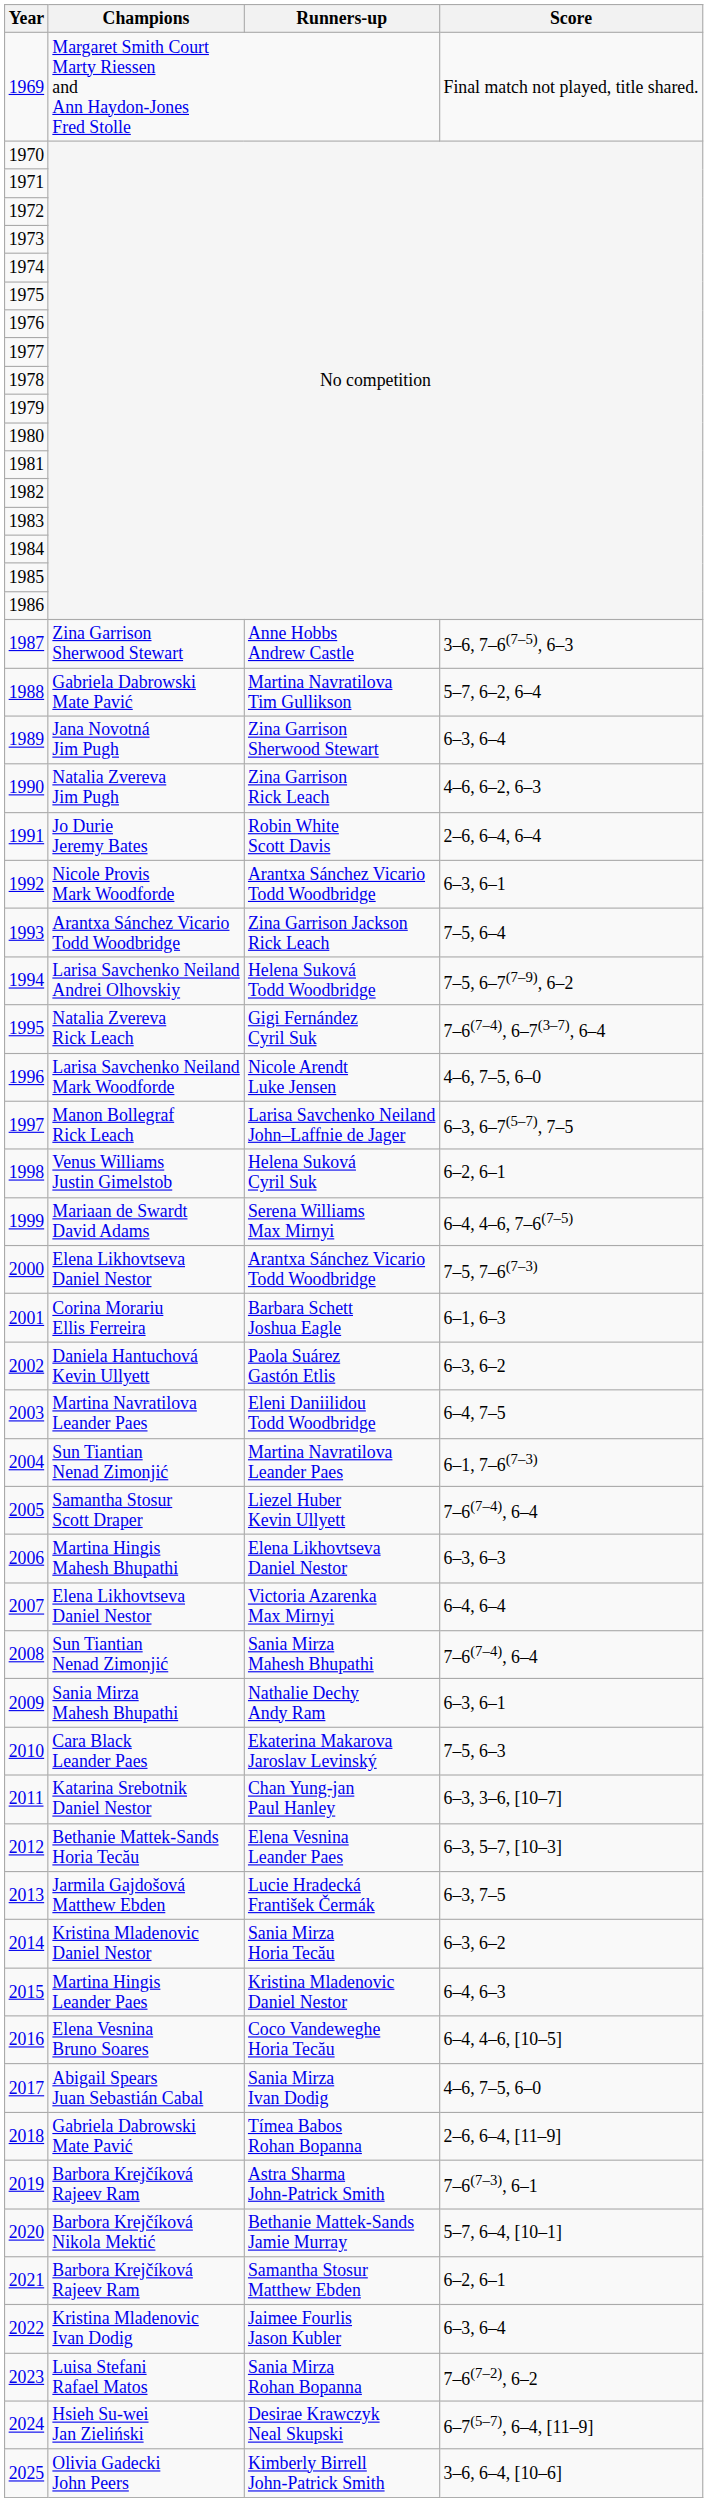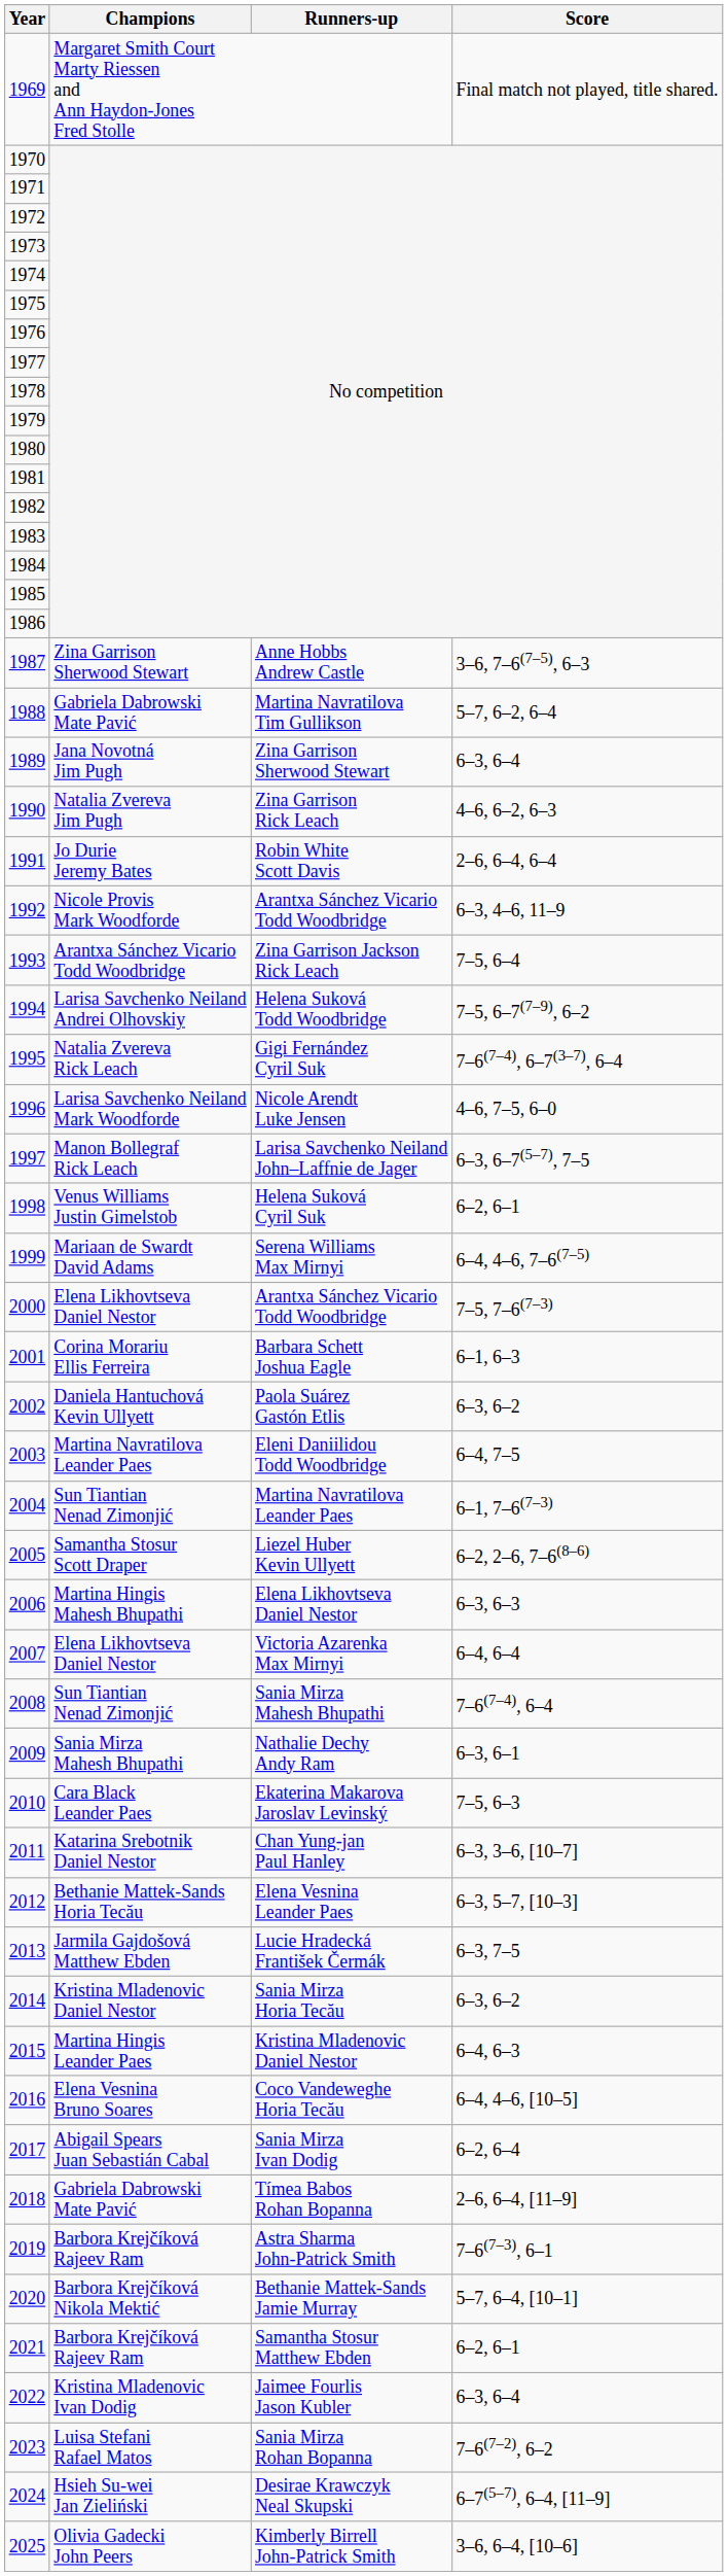 <table class="wikitable sortable">
 <tr>
 <th>Year</th>
 <th>Champions</th>
 <th>Runners-up</th>
 <th class=unsortable>Score</th>
 </tr>
 <tr>
 <td><a href='#'>1969</a></td>
 <td colspan="2"> <a href='#'>Margaret Smith Court</a> <br>  <a href='#'>Marty Riessen</a> <br>and<br>  <a href='#'>Ann Haydon-Jones</a> <br>  <a href='#'>Fred Stolle</a></td>
 <td align = "center">Final match not played, title shared.</td>
 </tr>
 <tr>
 <td>1970</td>
 <td rowspan="17" colspan="3" align="center" bgcolor="F5F5F5">No competition</td>
 </tr>
 <tr>
 <td>1971</td>
 </tr>
 <tr>
 <td>1972</td>
 </tr>
 <tr>
 <td>1973</td>
 </tr>
 <tr>
 <td>1974</td>
 </tr>
 <tr>
 <td>1975</td>
 </tr>
 <tr>
 <td>1976</td>
 </tr>
 <tr>
 <td>1977</td>
 </tr>
 <tr>
 <td>1978</td>
 </tr>
 <tr>
 <td>1979</td>
 </tr>
 <tr>
 <td>1980</td>
 </tr>
 <tr>
 <td>1981</td>
 </tr>
 <tr>
 <td>1982</td>
 </tr>
 <tr>
 <td>1983</td>
 </tr>
 <tr>
 <td>1984</td>
 </tr>
 <tr>
 <td>1985</td>
 </tr>
 <tr>
 <td>1986</td>
 </tr>
 <tr>
 <td><a href='#'>1987</a></td>
 <td> <a href='#'>Zina Garrison</a> <br>  <a href='#'>Sherwood Stewart</a></td>
 <td> <a href='#'>Anne Hobbs</a> <br>  <a href='#'>Andrew Castle</a></td>
 <td>3–6, 7–6<sup>(7–5)</sup>, 6–3</td>
 </tr>
 <tr>
 <td><a href='#'>1988</a></td>
 <td> <a href='#'>Gabriela Dabrowski</a> <br>  <a href='#'>Mate Pavić</a></td>
 <td> <a href='#'>Martina Navratilova</a> <br>  <a href='#'>Tim Gullikson</a></td>
 <td>5–7, 6–2, 6–4</td>
 </tr>
 <tr>
 <td><a href='#'>1989</a></td>
 <td> <a href='#'>Jana Novotná</a> <br>  <a href='#'>Jim Pugh</a></td>
 <td> <a href='#'>Zina Garrison</a> <br>  <a href='#'>Sherwood Stewart</a></td>
 <td>6–3, 6–4</td>
 </tr>
 <tr>
 <td><a href='#'>1990</a></td>
 <td> <a href='#'>Natalia Zvereva</a> <br>  <a href='#'>Jim Pugh</a></td>
 <td> <a href='#'>Zina Garrison</a> <br>  <a href='#'>Rick Leach</a></td>
 <td>4–6, 6–2, 6–3</td>
 </tr>
 <tr>
 <td><a href='#'>1991</a></td>
 <td> <a href='#'>Jo Durie</a> <br>  <a href='#'>Jeremy Bates</a></td>
 <td> <a href='#'>Robin White</a> <br>  <a href='#'>Scott Davis</a></td>
 <td>2–6, 6–4, 6–4</td>
 </tr>
 <tr>
 <td><a href='#'>1992</a></td>
 <td> <a href='#'>Nicole Provis</a> <br>  <a href='#'>Mark Woodforde</a></td>
 <td> <a href='#'>Arantxa Sánchez Vicario</a> <br>  <a href='#'>Todd Woodbridge</a></td>
-<td>6–3, 6–1</td>
+<td>6–3, 4–6, 11–9</td>
 </tr>
 <tr>
 <td><a href='#'>1993</a></td>
 <td> <a href='#'>Arantxa Sánchez Vicario</a> <br>  <a href='#'>Todd Woodbridge</a></td>
 <td> <a href='#'>Zina Garrison Jackson</a> <br>  <a href='#'>Rick Leach</a></td>
 <td>7–5, 6–4</td>
 </tr>
 <tr>
 <td><a href='#'>1994</a></td>
 <td> <a href='#'>Larisa Savchenko Neiland</a> <br>  <a href='#'>Andrei Olhovskiy</a></td>
 <td> <a href='#'>Helena Suková</a> <br>  <a href='#'>Todd Woodbridge</a></td>
 <td>7–5, 6–7<sup>(7–9)</sup>, 6–2</td>
 </tr>
 <tr>
 <td><a href='#'>1995</a></td>
 <td> <a href='#'>Natalia Zvereva</a> <br>  <a href='#'>Rick Leach</a></td>
 <td> <a href='#'>Gigi Fernández</a> <br>  <a href='#'>Cyril Suk</a></td>
 <td>7–6<sup>(7–4)</sup>, 6–7<sup>(3–7)</sup>, 6–4</td>
 </tr>
 <tr>
 <td><a href='#'>1996</a></td>
 <td> <a href='#'>Larisa Savchenko Neiland</a> <br>  <a href='#'>Mark Woodforde</a></td>
 <td> <a href='#'>Nicole Arendt</a> <br>  <a href='#'>Luke Jensen</a></td>
 <td>4–6, 7–5, 6–0</td>
 </tr>
 <tr>
 <td><a href='#'>1997</a></td>
 <td> <a href='#'>Manon Bollegraf</a> <br>  <a href='#'>Rick Leach</a></td>
 <td> <a href='#'>Larisa Savchenko Neiland</a> <br>  <a href='#'>John–Laffnie de Jager</a></td>
 <td>6–3, 6–7<sup>(5–7)</sup>, 7–5</td>
 </tr>
 <tr>
 <td><a href='#'>1998</a></td>
 <td> <a href='#'>Venus Williams</a> <br>  <a href='#'>Justin Gimelstob</a></td>
 <td> <a href='#'>Helena Suková</a> <br>  <a href='#'>Cyril Suk</a></td>
 <td>6–2, 6–1</td>
 </tr>
 <tr>
 <td><a href='#'>1999</a></td>
 <td> <a href='#'>Mariaan de Swardt</a> <br>  <a href='#'>David Adams</a></td>
 <td> <a href='#'>Serena Williams</a> <br>  <a href='#'>Max Mirnyi</a></td>
 <td>6–4, 4–6, 7–6<sup>(7–5)</sup></td>
 </tr>
 <tr>
 <td><a href='#'>2000</a></td>
 <td> <a href='#'>Elena Likhovtseva</a> <br>  <a href='#'>Daniel Nestor</a></td>
 <td> <a href='#'>Arantxa Sánchez Vicario</a> <br>  <a href='#'>Todd Woodbridge</a></td>
 <td>7–5, 7–6<sup>(7–3)</sup></td>
 </tr>
 <tr>
 <td><a href='#'>2001</a></td>
 <td> <a href='#'>Corina Morariu</a> <br>  <a href='#'>Ellis Ferreira</a></td>
 <td> <a href='#'>Barbara Schett</a> <br>  <a href='#'>Joshua Eagle</a></td>
 <td>6–1, 6–3</td>
 </tr>
 <tr>
 <td><a href='#'>2002</a></td>
 <td> <a href='#'>Daniela Hantuchová</a> <br>  <a href='#'>Kevin Ullyett</a></td>
 <td> <a href='#'>Paola Suárez</a> <br>  <a href='#'>Gastón Etlis</a></td>
 <td>6–3, 6–2</td>
 </tr>
 <tr>
 <td><a href='#'>2003</a></td>
 <td> <a href='#'>Martina Navratilova</a> <br>  <a href='#'>Leander Paes</a></td>
 <td> <a href='#'>Eleni Daniilidou</a> <br>  <a href='#'>Todd Woodbridge</a></td>
 <td>6–4, 7–5</td>
 </tr>
 <tr>
 <td><a href='#'>2004</a></td>
 <td> <a href='#'>Sun Tiantian</a> <br>  <a href='#'>Nenad Zimonjić</a></td>
 <td> <a href='#'>Martina Navratilova</a> <br>  <a href='#'>Leander Paes</a></td>
 <td>6–1, 7–6<sup>(7–3)</sup></td>
 </tr>
 <tr>
 <td><a href='#'>2005</a></td>
 <td> <a href='#'>Samantha Stosur</a> <br>  <a href='#'>Scott Draper</a></td>
 <td> <a href='#'>Liezel Huber</a> <br>  <a href='#'>Kevin Ullyett</a></td>
-<td>7–6<sup>(7–4)</sup>, 6–4</td>
+<td>6–2, 2–6, 7–6<sup>(8–6)</sup></td>
 </tr>
 <tr>
 <td><a href='#'>2006</a></td>
 <td> <a href='#'>Martina Hingis</a> <br>  <a href='#'>Mahesh Bhupathi</a></td>
 <td> <a href='#'>Elena Likhovtseva</a> <br>  <a href='#'>Daniel Nestor</a></td>
 <td>6–3, 6–3</td>
 </tr>
 <tr>
 <td><a href='#'>2007</a></td>
 <td> <a href='#'>Elena Likhovtseva</a> <br>  <a href='#'>Daniel Nestor</a></td>
 <td> <a href='#'>Victoria Azarenka</a> <br>  <a href='#'>Max Mirnyi</a></td>
 <td>6–4, 6–4</td>
 </tr>
 <tr>
 <td><a href='#'>2008</a></td>
 <td> <a href='#'>Sun Tiantian</a> <br>  <a href='#'>Nenad Zimonjić</a></td>
 <td> <a href='#'>Sania Mirza</a> <br>  <a href='#'>Mahesh Bhupathi</a></td>
 <td>7–6<sup>(7–4)</sup>, 6–4</td>
 </tr>
 <tr>
 <td><a href='#'>2009</a></td>
 <td> <a href='#'>Sania Mirza</a> <br>  <a href='#'>Mahesh Bhupathi</a></td>
 <td> <a href='#'>Nathalie Dechy</a> <br>  <a href='#'>Andy Ram</a></td>
 <td>6–3, 6–1</td>
 </tr>
 <tr>
 <td><a href='#'>2010</a></td>
 <td> <a href='#'>Cara Black</a> <br> <a href='#'>Leander Paes</a></td>
 <td> <a href='#'>Ekaterina Makarova</a> <br> <a href='#'>Jaroslav Levinský</a></td>
 <td>7–5, 6–3</td>
 </tr>
 <tr>
 <td><a href='#'>2011</a></td>
 <td> <a href='#'>Katarina Srebotnik</a> <br>  <a href='#'>Daniel Nestor</a></td>
 <td> <a href='#'>Chan Yung-jan</a> <br>  <a href='#'>Paul Hanley</a></td>
 <td>6–3, 3–6, [10–7]</td>
 </tr>
 <tr>
 <td><a href='#'>2012</a></td>
 <td> <a href='#'>Bethanie Mattek-Sands</a> <br>  <a href='#'>Horia Tecău</a></td>
 <td> <a href='#'>Elena Vesnina</a>  <br>  <a href='#'>Leander Paes</a></td>
 <td>6–3, 5–7, [10–3]</td>
 </tr>
 <tr>
 <td><a href='#'>2013</a></td>
 <td> <a href='#'>Jarmila Gajdošová</a> <br>  <a href='#'>Matthew Ebden</a></td>
 <td> <a href='#'>Lucie Hradecká</a><br> <a href='#'>František Čermák</a></td>
 <td>6–3, 7–5</td>
 </tr>
 <tr>
 <td><a href='#'>2014</a></td>
 <td> <a href='#'>Kristina Mladenovic</a> <br>  <a href='#'>Daniel Nestor</a></td>
 <td> <a href='#'>Sania Mirza</a> <br>  <a href='#'>Horia Tecău</a></td>
 <td>6–3, 6–2</td>
 </tr>
 <tr>
 <td><a href='#'>2015</a></td>
 <td> <a href='#'>Martina Hingis</a> <br>  <a href='#'>Leander Paes</a></td>
 <td> <a href='#'>Kristina Mladenovic</a> <br>  <a href='#'>Daniel Nestor</a></td>
 <td>6–4, 6–3</td>
 </tr>
 <tr>
 <td><a href='#'>2016</a></td>
 <td> <a href='#'>Elena Vesnina</a> <br>  <a href='#'>Bruno Soares</a></td>
 <td> <a href='#'>Coco Vandeweghe</a> <br>  <a href='#'>Horia Tecău</a></td>
 <td>6–4, 4–6, [10–5]</td>
 </tr>
 <tr>
 <td><a href='#'>2017</a></td>
 <td> <a href='#'>Abigail Spears</a> <br>  <a href='#'>Juan Sebastián Cabal</a></td>
 <td> <a href='#'>Sania Mirza</a> <br>  <a href='#'>Ivan Dodig</a></td>
-<td>4–6, 7–5, 6–0</td>
+<td>6–2, 6–4</td>
 </tr>
 <tr>
 <td><a href='#'>2018</a></td>
 <td> <a href='#'>Gabriela Dabrowski</a> <br>  <a href='#'>Mate Pavić</a></td>
 <td> <a href='#'>Tímea Babos</a> <br>  <a href='#'>Rohan Bopanna</a></td>
 <td>2–6, 6–4, [11–9]</td>
 </tr>
 <tr>
 <td><a href='#'>2019</a></td>
 <td> <a href='#'>Barbora Krejčíková</a> <br>  <a href='#'>Rajeev Ram</a></td>
 <td> <a href='#'>Astra Sharma</a> <br>  <a href='#'>John-Patrick Smith</a></td>
 <td>7–6<sup>(7–3)</sup>, 6–1</td>
 </tr>
 <tr>
 <td><a href='#'>2020</a></td>
 <td> <a href='#'>Barbora Krejčíková</a> <br>  <a href='#'>Nikola Mektić</a></td>
 <td> <a href='#'>Bethanie Mattek-Sands</a><br> <a href='#'>Jamie Murray</a></td>
 <td>5–7, 6–4, [10–1]</td>
 </tr>
 <tr>
 <td><a href='#'>2021</a></td>
 <td> <a href='#'>Barbora Krejčíková</a> <br>  <a href='#'>Rajeev Ram</a></td>
 <td> <a href='#'>Samantha Stosur</a> <br>  <a href='#'>Matthew Ebden</a></td>
 <td>6–2, 6–1</td>
 </tr>
 <tr>
 <td><a href='#'>2022</a></td>
 <td> <a href='#'>Kristina Mladenovic</a> <br>  <a href='#'>Ivan Dodig</a></td>
 <td> <a href='#'>Jaimee Fourlis</a> <br>  <a href='#'>Jason Kubler</a></td>
 <td>6–3, 6–4</td>
 </tr>
 <tr>
 <td><a href='#'>2023</a></td>
 <td> <a href='#'>Luisa Stefani</a> <br>  <a href='#'>Rafael Matos</a></td>
 <td> <a href='#'>Sania Mirza</a><br>   <a href='#'>Rohan Bopanna</a></td>
 <td>7–6<sup>(7–2)</sup>, 6–2</td>
 </tr>
 <tr>
 <td><a href='#'>2024</a></td>
 <td> <a href='#'>Hsieh Su-wei</a> <br>  <a href='#'>Jan Zieliński</a></td>
 <td> <a href='#'>Desirae Krawczyk</a> <br>  <a href='#'>Neal Skupski</a></td>
 <td>6–7<sup>(5–7)</sup>, 6–4, [11–9]</td>
 </tr>
 <tr>
 <td><a href='#'>2025</a></td>
 <td> <a href='#'>Olivia Gadecki</a> <br>  <a href='#'>John Peers</a></td>
 <td> <a href='#'>Kimberly Birrell</a> <br>  <a href='#'>John-Patrick Smith</a></td>
 <td>3–6, 6–4, [10–6]</td>
 </tr>
 </table>
